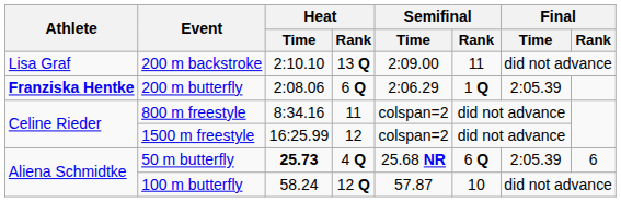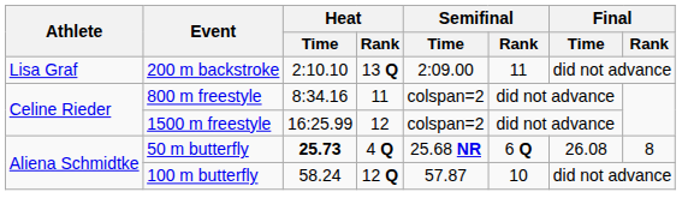 <table class=wikitable style="font-size:90%">
 <tr>
 <th rowspan="2">Athlete</th>
 <th rowspan="2">Event</th>
 <th colspan="2">Heat</th>
 <th colspan="2">Semifinal</th>
 <th colspan="2">Final</th>
 </tr>
 <tr style="font-size:95%">
 <th>Time</th>
 <th>Rank</th>
 <th>Time</th>
 <th>Rank</th>
 <th>Time</th>
 <th>Rank</th>
 </tr>
 <tr align=center>
 <td align=left><a href='#'>Lisa Graf</a></td>
 <td align=left><a href='#'>200 m backstroke</a></td>
 <td>2:10.10</td>
 <td>13 <strong>Q</strong></td>
 <td>2:09.00</td>
 <td>11</td>
 <td colspan=2>did not advance</td>
 </tr>
 <tr align=center>
-<td align=left><strong><a href='#'>Franziska Hentke</a></strong></td>
-<td align=left><a href='#'>200 m butterfly</a></td>
-<td>2:08.06</td>
-<td>6 <strong>Q</strong></td>
-<td>2:06.29</td>
-<td>1 <strong>Q</strong></td>
-<td>2:05.39</td>
-<td></td>
-</tr>
-<tr align=center>
 <td align=left rowspan=2><a href='#'>Celine Rieder</a></td>
 <td align=left><a href='#'>800 m freestyle</a></td>
 <td>8:34.16</td>
 <td>11</td>
 <td>colspan=2 </td>
 <td colspan=2>did not advance</td>
 </tr>
 <tr align=center>
 <td align=left><a href='#'>1500 m freestyle</a></td>
 <td>16:25.99</td>
 <td>12</td>
 <td>colspan=2 </td>
 <td colspan=2>did not advance</td>
 </tr>
 <tr align=center>
 <td align=left rowspan=2><a href='#'>Aliena Schmidtke</a></td>
 <td align=left><a href='#'>50 m butterfly</a></td>
 <td><strong>25.73</strong></td>
 <td>4 <strong>Q</strong></td>
 <td>25.68 <strong><a href='#'>NR</a></strong></td>
 <td>6 <strong>Q</strong></td>
-<td>2:05.39</td>
-<td>6</td>
+<td>26.08</td>
+<td>8</td>
 </tr>
 <tr align=center>
 <td align=left><a href='#'>100 m butterfly</a></td>
 <td>58.24</td>
 <td>12 <strong>Q</strong></td>
 <td>57.87</td>
 <td>10</td>
 <td colspan=2>did not advance</td>
 </tr>
 </table>
